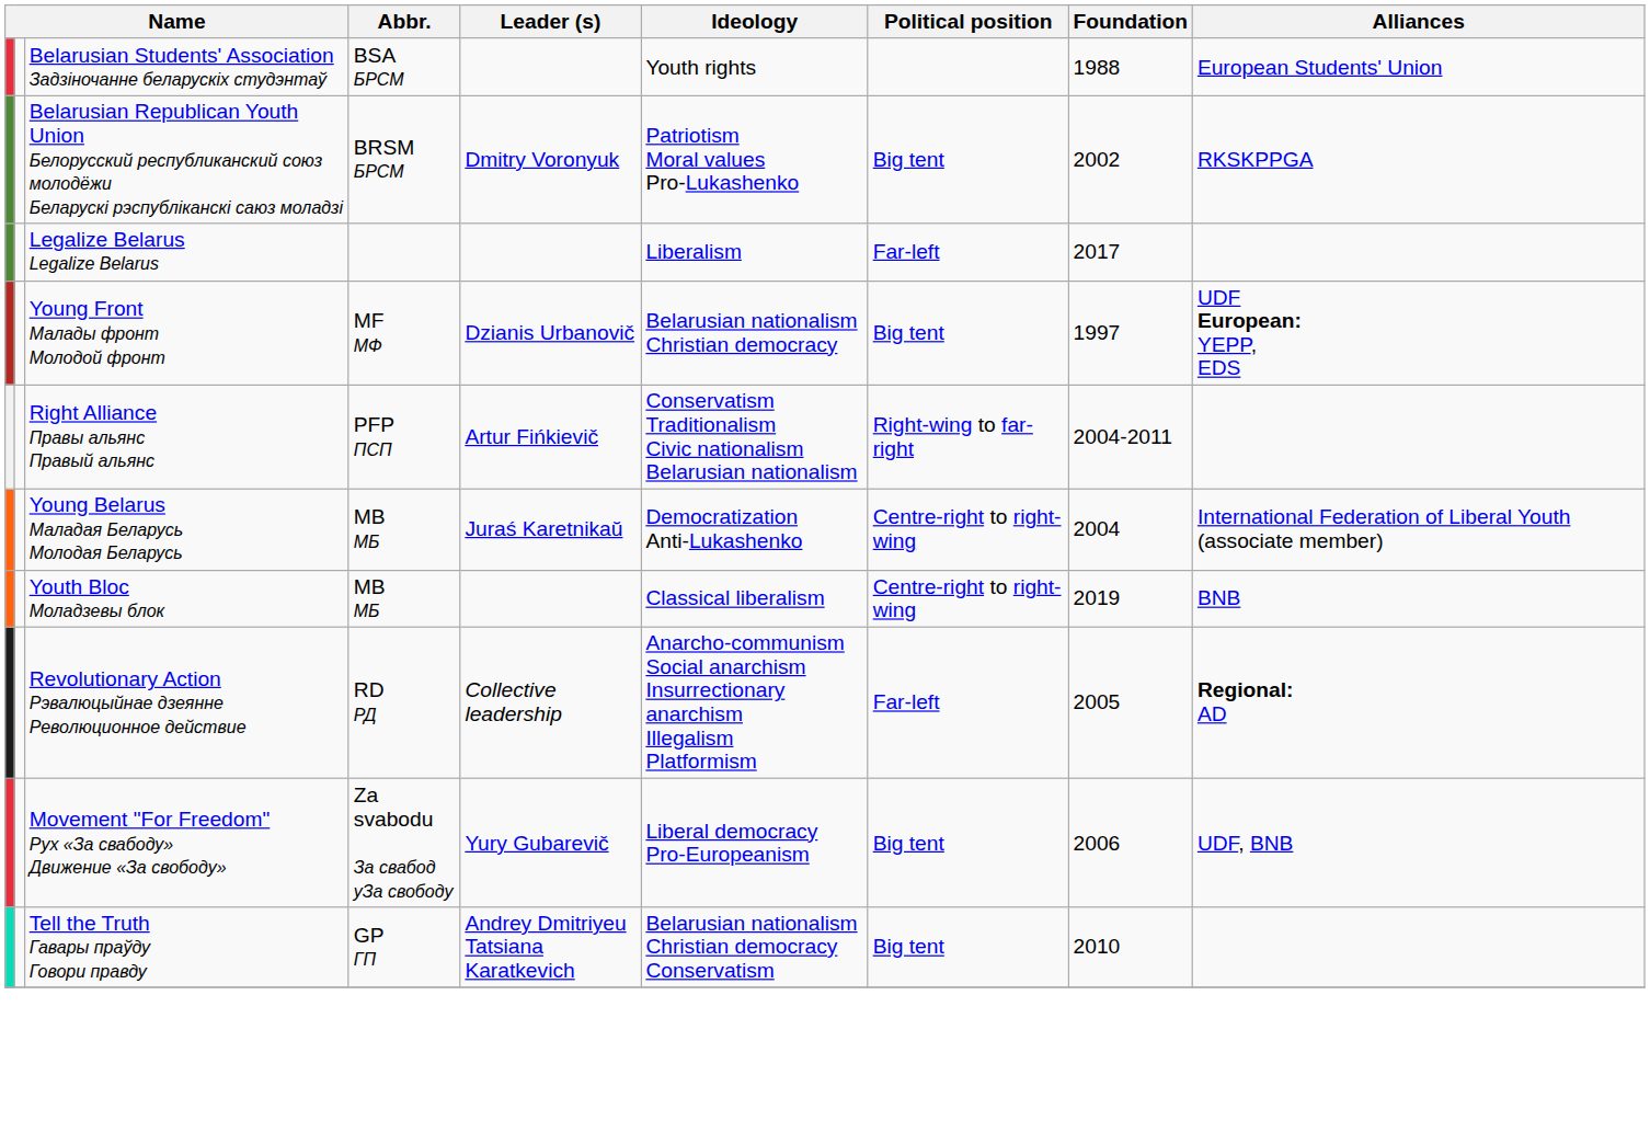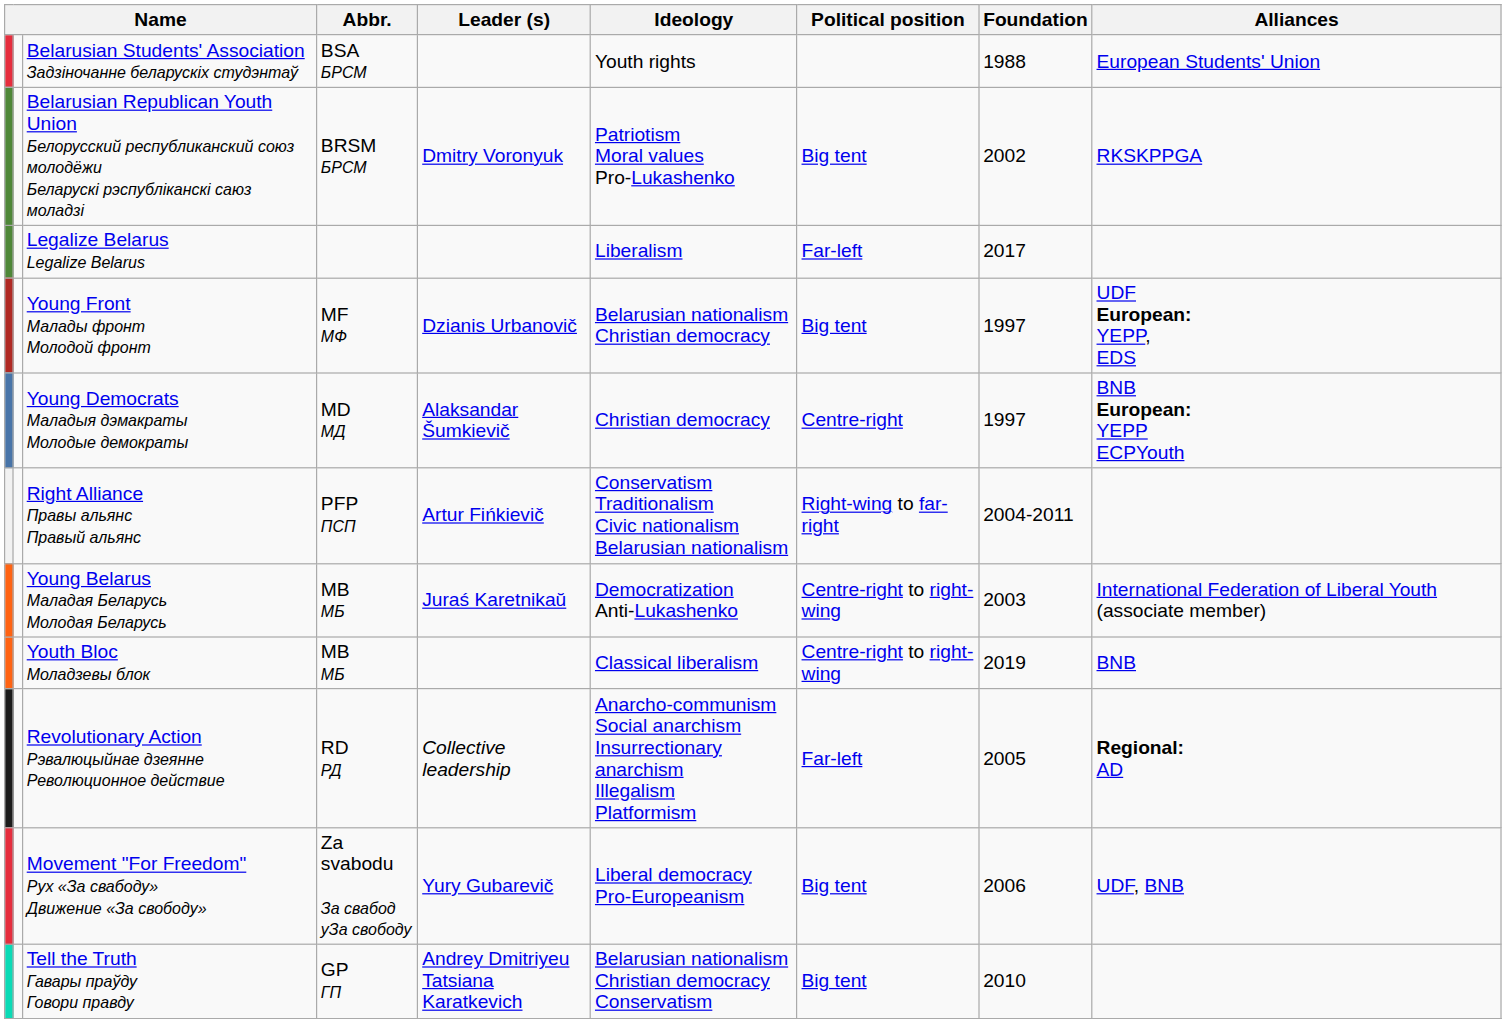 <table class="wikitable sortable">
 <tr>
 <th colspan=3>Name</th>
 <th>Abbr.</th>
 <th>Leader (s)</th>
 <th>Ideology</th>
 <th>Political position</th>
 <th>Foundation</th>
 <th>Alliances</th>
 </tr>
 <tr>
 <th style="background:#E62D3D;"></th>
 <td></td>
 <td><a href='#'>Belarusian Students' Association</a><br><small><em>Задзіночанне беларускіх студэнтаў</em></small></td>
 <td>BSA<br><small><em>БРСМ</em></small></td>
 <td></td>
 <td>Youth rights</td>
 <td></td>
 <td>1988<br></td>
 <td><a href='#'>European Students' Union</a></td>
 </tr>
 <tr>
 <th style="background:#4E8738;"></th>
 <td></td>
 <td><a href='#'>Belarusian Republican Youth Union</a><br><small><em>Белорусский республиканский союз молодёжи<br>Беларускi рэспубліканскі саюз моладзі</em></small></td>
 <td>BRSM<br><small><em>БРСМ</em></small></td>
 <td><a href='#'>Dmitry Voronyuk</a></td>
 <td><a href='#'>Patriotism</a><br><a href='#'>Moral values </a><br>Pro-<a href='#'>Lukashenko</a></td>
 <td><a href='#'>Big tent</a></td>
 <td>2002<br></td>
 <td><a href='#'>RKSKPPGA</a></td>
 </tr>
 <tr>
 <th style="background:#4E8738;"></th>
 <td></td>
 <td><a href='#'>Legalize Belarus</a><br><small><em>Legalize Belarus</em></small></td>
 <td></td>
 <td></td>
 <td><a href='#'>Liberalism</a></td>
 <td><a href='#'>Far-left</a></td>
 <td>2017<br></td>
 <td></td>
 </tr>
 <tr>
 <th style="background:#B02923;"></th>
 <td></td>
 <td><a href='#'>Young Front</a><br><small><em>Малады фронт<br>Молодой фронт</em></small></td>
 <td>MF<br><small><em>МФ</em></small></td>
 <td><a href='#'>Dzianis Urbanovič</a></td>
 <td><a href='#'>Belarusian nationalism</a><br><a href='#'>Christian democracy</a></td>
 <td><a href='#'>Big tent</a></td>
 <td>1997<br></td>
 <td><a href='#'>UDF</a><br><strong>European:</strong><br><a href='#'>YEPP</a>,<br><a href='#'>EDS</a></td>
 </tr>
 <tr>
+<th style="background:#4874A8;"></th>
+<td></td>
+<td><a href='#'>Young Democrats</a><br><small><em>Маладыя дэмакраты<br>Молодые демократы</em></small></td>
+<td>MD<br><small><em>МД</em></small></td>
+<td><a href='#'>Alaksandar Šumkievič</a></td>
+<td><a href='#'>Christian democracy</a></td>
+<td><a href='#'>Centre-right</a></td>
+<td>1997<br></td>
+<td><a href='#'>BNB</a><br><strong>European:</strong><br><a href='#'>YEPP</a> <br><a href='#'>ECPYouth</a> </td>
+</tr>
+<tr>
 <th style="background:"></th>
 <td></td>
 <td><a href='#'>Right Alliance</a><br><small><em>Правы альянс<br>Правый альянс</em></small></td>
 <td>PFP<br><small><em>ПСП</em></small></td>
 <td><a href='#'>Artur Fińkievič</a></td>
 <td><a href='#'>Conservatism</a><br><a href='#'>Traditionalism</a><br><a href='#'>Civic nationalism</a><br><a href='#'>Belarusian nationalism</a></td>
 <td><a href='#'>Right-wing</a> to <a href='#'>far-right</a></td>
 <td>2004-2011<br></td>
 <td></td>
 </tr>
 <tr>
 <th style="background:#FF6312;"></th>
 <td></td>
 <td><a href='#'>Young Belarus</a><br><small><em>Маладая Беларусь<br>Молодая Беларусь</em></small></td>
 <td>MB<br><small><em>МБ</em></small></td>
 <td><a href='#'>Juraś Karetnikaŭ</a></td>
 <td><a href='#'>Democratization</a><br>Anti-<a href='#'>Lukashenko</a></td>
 <td><a href='#'>Centre-right</a> to <a href='#'>right-wing</a></td>
-<td>2004<br></td>
+<td>2003<br></td>
 <td><a href='#'>International Federation of Liberal Youth</a> (associate member)</td>
 </tr>
 <tr>
 <th style="background:#FF6312;"></th>
 <td></td>
 <td><a href='#'>Youth Bloc</a><br><small><em>Моладзевы блок</em></small></td>
 <td>MB<br><small><em>МБ</em></small></td>
 <td></td>
 <td><a href='#'>Classical liberalism</a></td>
 <td><a href='#'>Centre-right</a> to <a href='#'>right-wing</a></td>
 <td>2019<br></td>
 <td><a href='#'>BNB</a></td>
 </tr>
 <tr>
 <th style="background:#1C1C1C;"></th>
 <td></td>
 <td><a href='#'>Revolutionary Action</a><br><small><em>Рэвалюцыйнае дзеянне<br>Революционное действие</em></small></td>
 <td>RD<br><small><em>РД</em></small></td>
 <td><em>Collective leadership</em></td>
 <td><a href='#'>Anarcho-communism</a><br><a href='#'>Social anarchism</a><br><a href='#'>Insurrectionary anarchism</a><br><a href='#'>Illegalism</a><br><a href='#'>Platformism</a></td>
 <td><a href='#'>Far-left</a></td>
 <td>2005<br></td>
 <td><strong>Regional:</strong><br><a href='#'>AD</a></td>
 </tr>
 <tr>
 <th style="background:#E62D3D;"></th>
 <td></td>
 <td><a href='#'>Movement "For Freedom"</a><br><small><em>Рух «За свабоду»<br>Движение «За свободу»</em></small></td>
 <td>Za svabodu<br><small><em><br>За свабод<br>уЗа свободу</em></small></td>
 <td><a href='#'>Yury Gubarevič</a></td>
 <td><a href='#'>Liberal democracy</a><br><a href='#'>Pro-Europeanism</a></td>
 <td><a href='#'>Big tent</a></td>
 <td>2006<br></td>
 <td><a href='#'>UDF</a>, <a href='#'>BNB</a></td>
 </tr>
 <tr>
 <th style="background:#09DBB6;"></th>
 <td></td>
 <td><a href='#'>Tell the Truth</a><br><small><em>Гавары праўду<br>Говори правду</em></small></td>
 <td>GP<br><small><em>ГП</em></small></td>
 <td><a href='#'>Andrey Dmitriyeu</a><br><a href='#'>Tatsiana Karatkevich</a></td>
 <td><a href='#'>Belarusian nationalism</a><br><a href='#'>Christian democracy</a><br><a href='#'>Conservatism</a></td>
 <td><a href='#'>Big tent</a></td>
 <td>2010<br></td>
 <td></td>
 </tr>
 <tr>
 </tr>
 </table>
